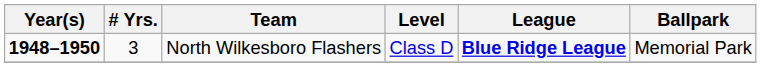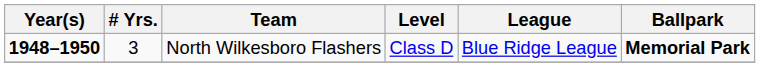 <table class="wikitable" style="text-align:center; font-size: 95%;">
 <tr>
 <th>Year(s)</th>
 <th># Yrs.</th>
 <th>Team</th>
 <th>Level</th>
 <th>League</th>
 <th>Ballpark</th>
 </tr>
 <tr>
 <td><strong>1948–1950</strong></td>
 <td>3</td>
 <td>North Wilkesboro Flashers</td>
 <td><a href='#'>Class D</a></td>
-<td><strong><a href='#'>Blue Ridge League</a></strong></td>
-<td>Memorial Park</td>
+<td><a href='#'>Blue Ridge League</a></td>
+<td><strong>Memorial Park</strong></td>
 </tr>
 <tr>
 </tr>
 </table>
